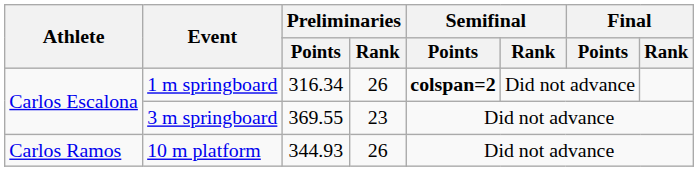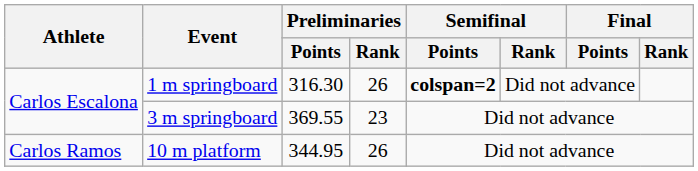 <table class="wikitable" style="text-align:center; font-size:90%;">
 <tr>
 <th rowspan=2>Athlete</th>
 <th rowspan=2>Event</th>
 <th colspan=2>Preliminaries</th>
 <th colspan=2>Semifinal</th>
 <th colspan=2>Final</th>
 </tr>
 <tr style="font-size:95%">
 <th>Points</th>
 <th>Rank</th>
 <th>Points</th>
 <th>Rank</th>
 <th>Points</th>
 <th>Rank</th>
 </tr>
 <tr>
 <td align=left rowspan=2><a href='#'>Carlos Escalona</a></td>
 <td align=left><a href='#'>1 m springboard</a></td>
-<td>316.34</td>
+<td>316.30</td>
 <td>26</td>
 <td><strong>colspan=2 </strong></td>
 <td colspan=2>Did not advance</td>
 </tr>
 <tr>
 <td align=left><a href='#'>3 m springboard</a></td>
 <td>369.55</td>
 <td>23</td>
 <td colspan=4>Did not advance</td>
 </tr>
 <tr>
 <td align=left><a href='#'>Carlos Ramos</a></td>
 <td align=left><a href='#'>10 m platform</a></td>
-<td>344.93</td>
+<td>344.95</td>
 <td>26</td>
 <td colspan=4>Did not advance</td>
 </tr>
 </table>
